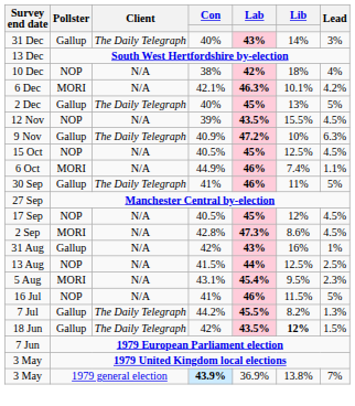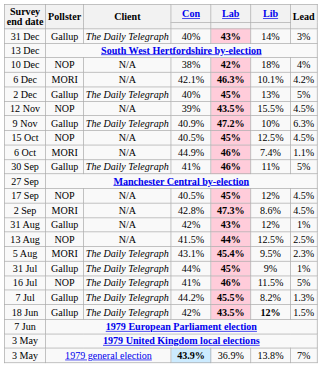 <table class="wikitable sortable mw-datatable" style="text-align:center;font-size:90%;line-height:14px;">
 <tr>
 <th rowspan="2">Survey<br>end date</th>
 <th rowspan="2">Pollster</th>
 <th rowspan="2">Client</th>
 <th class="unsortable" style="width:50px;"><a href='#'>Con</a></th>
 <th class="unsortable" style="width:50px;"><a href='#'>Lab</a></th>
 <th class="unsortable" style="width:50px;"><a href='#'>Lib</a></th>
 <th rowspan="2">Lead</th>
 </tr>
 <tr>
 <th style="background:"></th>
 <th style="background:"></th>
 <th style="background:"></th>
 </tr>
 <tr>
 <td>31 Dec</td>
 <td>Gallup</td>
 <td><em>The Daily Telegraph</em></td>
 <td>40%</td>
 <td style="background:#FFCCDA;"><strong>43%</strong></td>
 <td>14%</td>
 <td style="background:">3%</td>
 </tr>
 <tr>
 <td>13 Dec</td>
 <td colspan="6"><a href='#'><strong>South West Hertfordshire by-election</strong></a></td>
 </tr>
 <tr>
 <td>10 Dec</td>
 <td>NOP</td>
 <td>N/A</td>
 <td>38%</td>
 <td style="background:#FFCCDA;"><strong>42%</strong></td>
 <td>18%</td>
 <td style="background:">4%</td>
 </tr>
 <tr>
 <td>6 Dec</td>
 <td>MORI</td>
 <td>N/A</td>
 <td>42.1%</td>
 <td style="background:#FFCCDA;"><strong>46.3%</strong></td>
 <td>10.1%</td>
 <td style="background:">4.2%</td>
 </tr>
 <tr>
 <td>2 Dec</td>
 <td>Gallup</td>
 <td><em>The Daily Telegraph</em></td>
 <td>40%</td>
 <td style="background:#FFCCDA;"><strong>45%</strong></td>
 <td>13%</td>
 <td style="background:">5%</td>
 </tr>
 <tr>
 <td>12 Nov</td>
 <td>NOP</td>
 <td>N/A</td>
 <td>39%</td>
 <td style="background:#FFCCDA;"><strong>43.5%</strong></td>
 <td>15.5%</td>
 <td style="background:">4.5%</td>
 </tr>
 <tr>
 <td>9 Nov</td>
 <td>Gallup</td>
 <td><em>The Daily Telegraph</em></td>
 <td>40.9%</td>
 <td style="background:#FFCCDA;"><strong>47.2%</strong></td>
 <td>10%</td>
 <td style="background:">6.3%</td>
 </tr>
 <tr>
 <td>15 Oct</td>
 <td>NOP</td>
 <td>N/A</td>
 <td>40.5%</td>
 <td style="background:#FFCCDA;"><strong>45%</strong></td>
 <td>12.5%</td>
 <td style="background:">4.5%</td>
 </tr>
 <tr>
 <td>6 Oct</td>
 <td>MORI</td>
 <td>N/A</td>
 <td>44.9%</td>
 <td style="background:#FFCCDA;"><strong>46%</strong></td>
 <td>7.4%</td>
 <td style="background:">1.1%</td>
 </tr>
 <tr>
 <td>30 Sep</td>
 <td>Gallup</td>
 <td><em>The Daily Telegraph</em></td>
 <td>41%</td>
 <td style="background:#FFCCDA;"><strong>46%</strong></td>
 <td>11%</td>
 <td style="background:">5%</td>
 </tr>
 <tr>
 <td>27 Sep</td>
 <td colspan="6"><strong><a href='#'>Manchester Central by-election</a></strong></td>
 </tr>
 <tr>
 <td>17 Sep</td>
 <td>NOP</td>
 <td>N/A</td>
 <td>40.5%</td>
 <td style="background:#FFCCDA;"><strong>45%</strong></td>
 <td>12%</td>
 <td style="background:">4.5%</td>
 </tr>
 <tr>
 <td>2 Sep</td>
 <td>MORI</td>
 <td>N/A</td>
 <td>42.8%</td>
 <td style="background:#FFCCDA;"><strong>47.3%</strong></td>
 <td>8.6%</td>
 <td style="background:">4.5%</td>
 </tr>
 <tr>
 <td>31 Aug</td>
 <td>Gallup</td>
 <td>N/A</td>
 <td>42%</td>
 <td style="background:#FFCCDA;"><strong>43%</strong></td>
-<td>16%</td>
+<td>12%</td>
 <td style="background:">1%</td>
 </tr>
 <tr>
 <td>13 Aug</td>
 <td>NOP</td>
 <td>N/A</td>
 <td>41.5%</td>
 <td style="background:#FFCCDA;"><strong>44%</strong></td>
 <td>12.5%</td>
 <td style="background:">2.5%</td>
 </tr>
 <tr>
 <td>5 Aug</td>
 <td>MORI</td>
-<td>N/A</td>
+<td><em>The Daily Telegraph</em></td>
 <td>43.1%</td>
 <td style="background:#FFCCDA;"><strong>45.4%</strong></td>
 <td>9.5%</td>
 <td style="background:">2.3%</td>
 </tr>
 <tr>
+<td>31 Jul</td>
+<td>Gallup</td>
+<td><em>The Daily Telegraph</em></td>
+<td>44%</td>
+<td style="background:#FFCCDA;"><strong>45%</strong></td>
+<td>9%</td>
+<td style="background:">1%</td>
+</tr>
+<tr>
 <td>16 Jul</td>
 <td>NOP</td>
-<td>N/A</td>
+<td><em>The Daily Telegraph</em></td>
 <td>41%</td>
 <td style="background:#FFCCDA;"><strong>46%</strong></td>
 <td>11.5%</td>
 <td style="background:">5%</td>
 </tr>
 <tr>
 <td>7 Jul</td>
 <td>Gallup</td>
 <td><em>The Daily Telegraph</em></td>
 <td>44.2%</td>
 <td style="background:#FFCCDA;"><strong>45.5%</strong></td>
 <td>8.2%</td>
 <td style="background:">1.3%</td>
 </tr>
 <tr>
 <td>18 Jun</td>
 <td>Gallup</td>
 <td><em>The Daily Telegraph</em></td>
 <td>42%</td>
 <td style="background:#FFCCDA;"><strong>43.5%</strong></td>
 <td><strong>12%</strong></td>
 <td style="background:">1.5%</td>
 </tr>
 <tr>
 <td>7 Jun</td>
 <td colspan="6"><strong><a href='#'>1979 European Parliament election</a></strong></td>
 </tr>
 <tr>
 <td>3 May</td>
 <td colspan="6"><strong><a href='#'>1979 United Kingdom local elections</a></strong></td>
 </tr>
 <tr>
 <td>3 May</td>
 <td colspan="2"><a href='#'>1979 general election</a></td>
 <td style="background:#CCEBFF;"><strong>43.9%</strong></td>
 <td>36.9%</td>
 <td>13.8%</td>
 <td style="background:">7%</td>
 </tr>
 </table>
